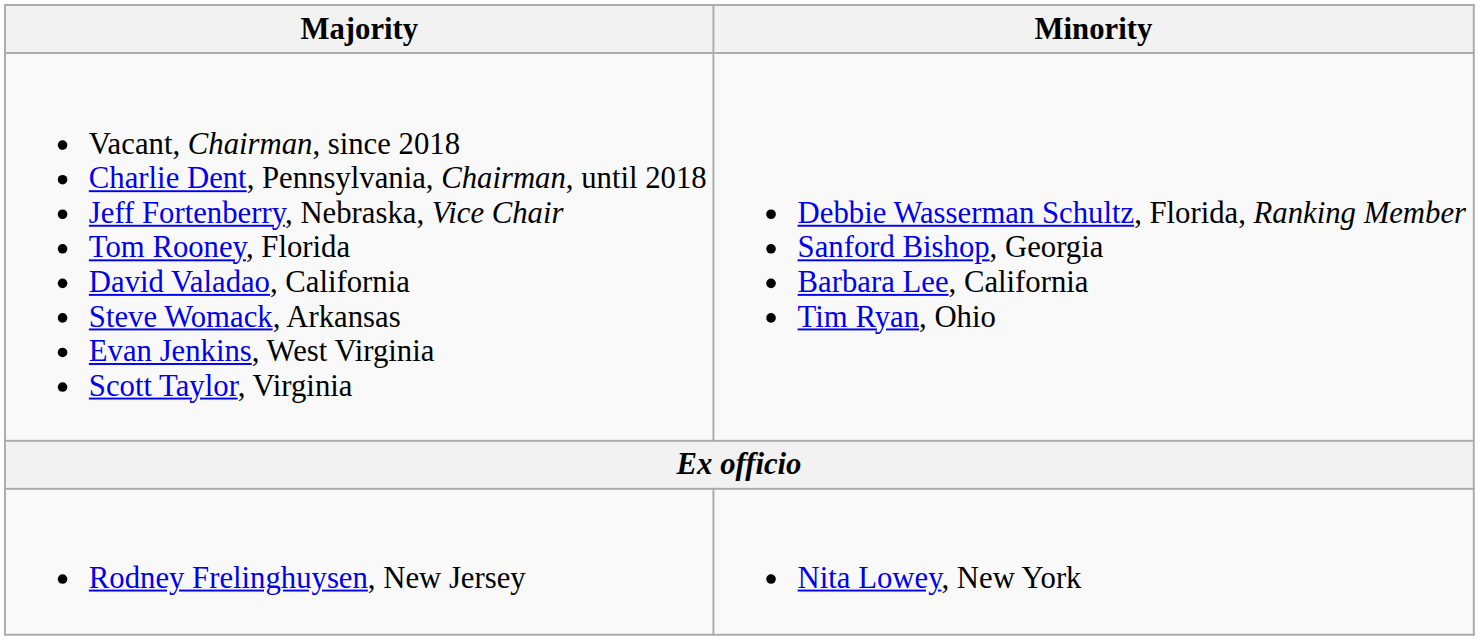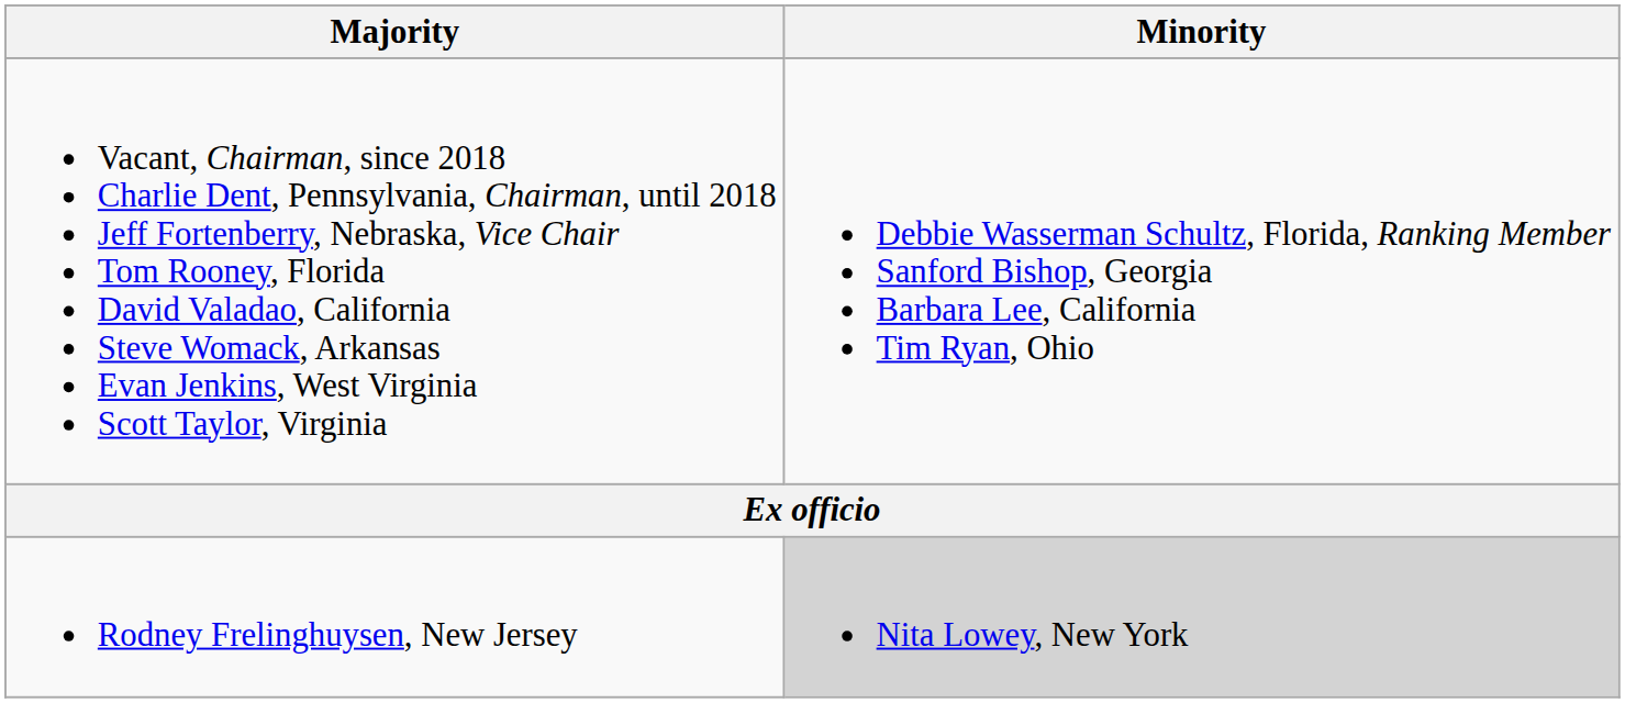 <table class=wikitable>
 <tr>
 <th>Majority</th>
 <th>Minority</th>
 </tr>
 <tr>
 <td><br><ul><li>Vacant, <em>Chairman</em>, since 2018</li><li><a href='#'>Charlie Dent</a>, Pennsylvania, <em>Chairman</em>, until 2018</li><li><a href='#'>Jeff Fortenberry</a>, Nebraska, <em>Vice Chair</em></li><li><a href='#'>Tom Rooney</a>, Florida</li><li><a href='#'>David Valadao</a>, California</li><li><a href='#'>Steve Womack</a>, Arkansas</li><li><a href='#'>Evan Jenkins</a>, West Virginia</li><li><a href='#'>Scott Taylor</a>, Virginia</li></ul></td>
 <td><br><ul><li><a href='#'>Debbie Wasserman Schultz</a>, Florida, <em>Ranking Member</em></li><li><a href='#'>Sanford Bishop</a>, Georgia</li><li><a href='#'>Barbara Lee</a>, California</li><li><a href='#'>Tim Ryan</a>, Ohio</li></ul></td>
 </tr>
 <tr>
 <th colspan=2><em>Ex officio</em></th>
 </tr>
 <tr>
 <td><br><ul><li><a href='#'>Rodney Frelinghuysen</a>, New Jersey</li></ul></td>
-<td><br><ul><li><a href='#'>Nita Lowey</a>, New York</li></ul></td>
+<td style="background: lightgrey;"><br><ul><li><a href='#'>Nita Lowey</a>, New York</li></ul></td>
 </tr>
 </table>
